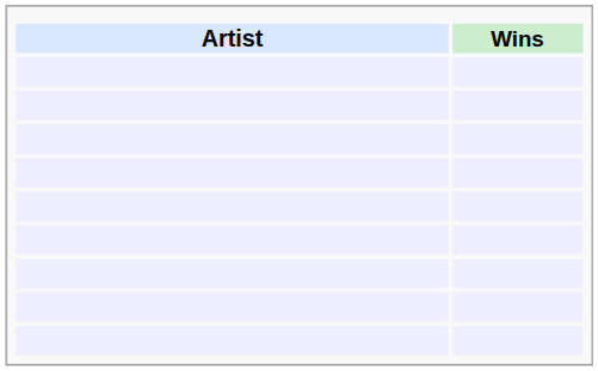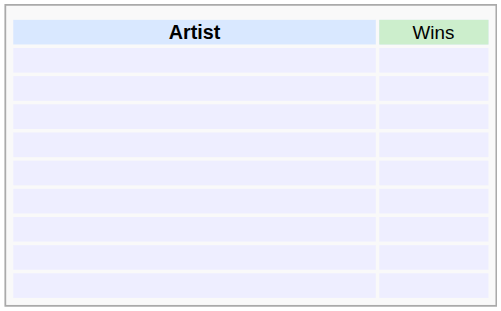 <table class="infobox" style="width: 25em; text-align: center; font-size: 70%; vertical-align: middle;">
 <tr>
 <td colspan="3" style="text-align:center;"></td>
 </tr>
 <tr style="background:#d9e8ff; text-align:center;">
 <th style="vertical-align: middle;">Artist</th>
-<td style="background:#cec; font-size:8pt; width:60px;"><strong>Wins</strong></td>
+<td style="background:#cec; font-size:8pt; width:60px;">Wins</td>
 </tr>
 <tr style="background:#eef;">
 <td style="text-align:center;"><br></td>
 <td></td>
 </tr>
 <tr style="background:#eef;">
 <td style="text-align:center;"><br></td>
 <td></td>
 </tr>
 <tr style="background:#eef;">
 <td style="text-align:center;"><br></td>
 <td></td>
 </tr>
 <tr style="background:#eef;">
 <td style="text-align:center;"><br></td>
 <td></td>
 </tr>
 <tr style="background:#eef;">
 <td style="text-align:center;"><br></td>
 <td></td>
 </tr>
 <tr style="background:#eef;">
 <td style="text-align:center;"><br></td>
 <td></td>
 </tr>
 <tr style="background:#eef;">
 <td style="text-align:center;"><br></td>
 <td></td>
 </tr>
 <tr style="background:#eef;">
 <td style="text-align:center;"><br></td>
 <td></td>
 </tr>
 <tr style="background:#eef;">
 <td style="text-align:center;"><br></td>
 <td></td>
 </tr>
 </table>
